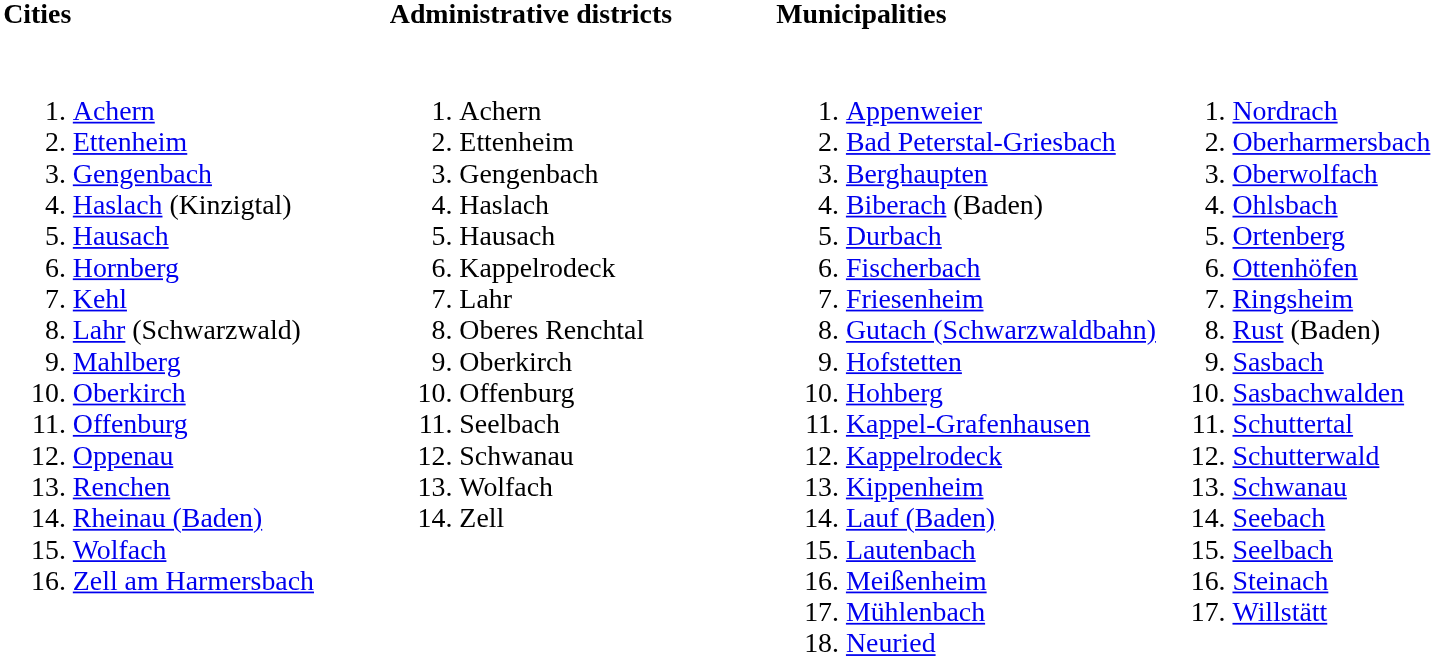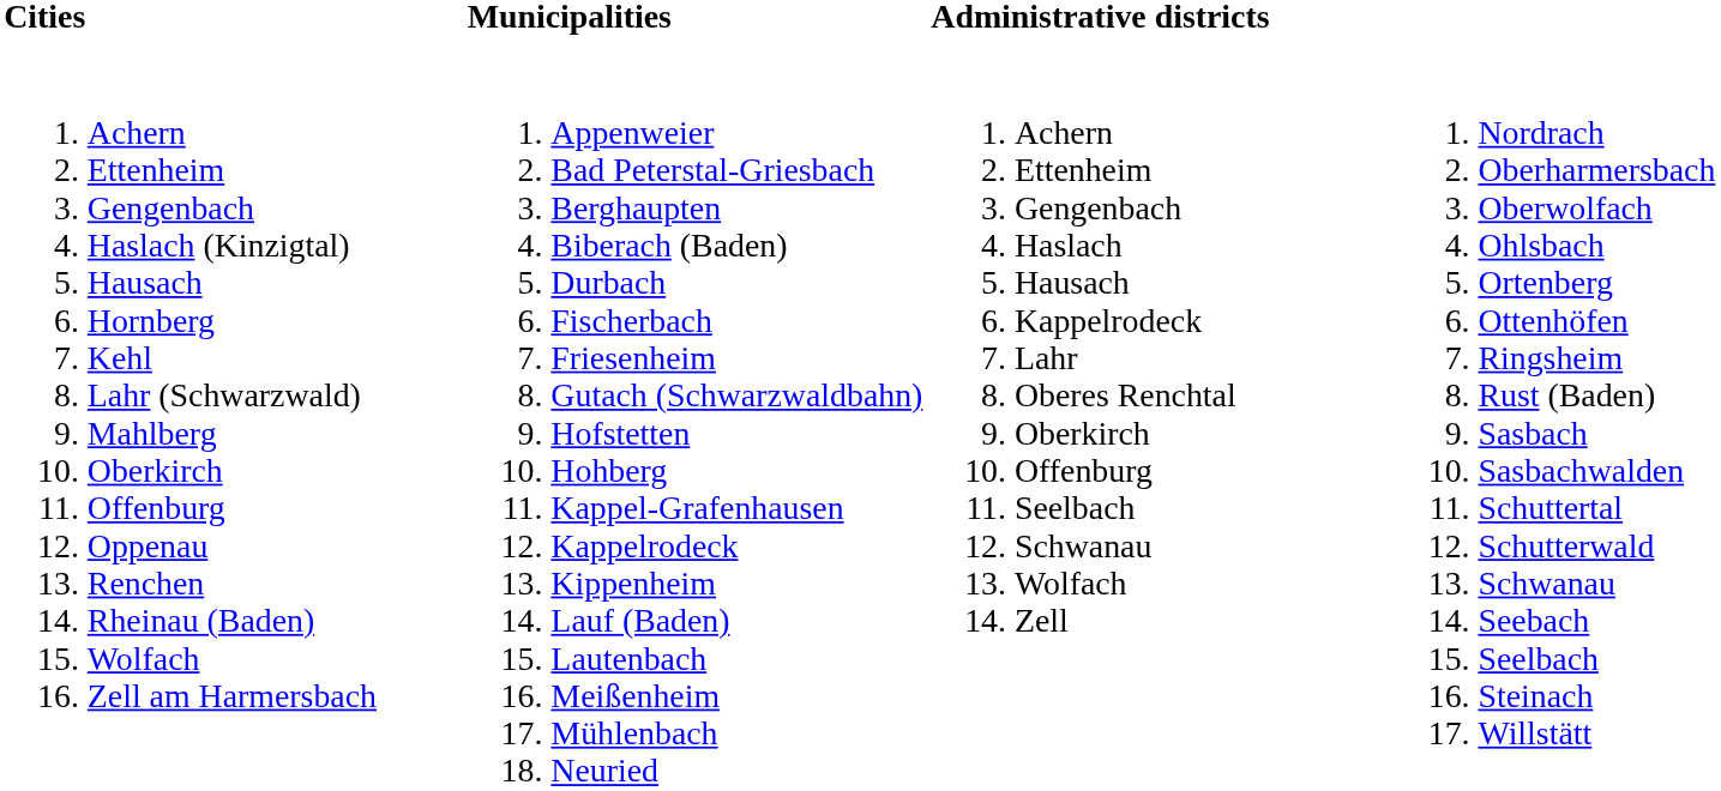 <table>
 <tr>
 <th width=25% align=left>Cities</th>
+<th width=25% align=left>Municipalities</th>
 <th width=25% align=left>Administrative districts</th>
-<th width=25% align=left>Municipalities</th>
 <th width=25% align=left></th>
 </tr>
 <tr valign=top>
 <td><br><ol><li><a href='#'>Achern</a></li><li><a href='#'>Ettenheim</a></li><li><a href='#'>Gengenbach</a></li><li><a href='#'>Haslach</a> (Kinzigtal)</li><li><a href='#'>Hausach</a></li><li><a href='#'>Hornberg</a></li><li><a href='#'>Kehl</a></li><li><a href='#'>Lahr</a> (Schwarzwald)</li><li><a href='#'>Mahlberg</a></li><li><a href='#'>Oberkirch</a></li><li><a href='#'>Offenburg</a></li><li><a href='#'>Oppenau</a></li><li><a href='#'>Renchen</a></li><li><a href='#'>Rheinau (Baden)</a></li><li><a href='#'>Wolfach</a></li><li><a href='#'>Zell am Harmersbach</a></li></ol></td>
+<td><br><ol><li><a href='#'>Appenweier</a></li><li><a href='#'>Bad Peterstal-Griesbach</a></li><li><a href='#'>Berghaupten</a></li><li><a href='#'>Biberach</a> (Baden)</li><li><a href='#'>Durbach</a></li><li><a href='#'>Fischerbach</a></li><li><a href='#'>Friesenheim</a></li><li><a href='#'>Gutach (Schwarzwaldbahn)</a></li><li><a href='#'>Hofstetten</a></li><li><a href='#'>Hohberg</a></li><li><a href='#'>Kappel-Grafenhausen</a></li><li><a href='#'>Kappelrodeck</a></li><li><a href='#'>Kippenheim</a></li><li><a href='#'>Lauf (Baden)</a></li><li><a href='#'>Lautenbach</a></li><li><a href='#'>Meißenheim</a></li><li><a href='#'>Mühlenbach</a></li><li><a href='#'>Neuried</a></li></ol></td>
 <td><br><ol><li>Achern</li><li>Ettenheim</li><li>Gengenbach</li><li>Haslach</li><li>Hausach</li><li>Kappelrodeck</li><li>Lahr</li><li>Oberes Renchtal</li><li>Oberkirch</li><li>Offenburg</li><li>Seelbach</li><li>Schwanau</li><li>Wolfach</li><li>Zell</li></ol></td>
-<td><br><ol><li><a href='#'>Appenweier</a></li><li><a href='#'>Bad Peterstal-Griesbach</a></li><li><a href='#'>Berghaupten</a></li><li><a href='#'>Biberach</a> (Baden)</li><li><a href='#'>Durbach</a></li><li><a href='#'>Fischerbach</a></li><li><a href='#'>Friesenheim</a></li><li><a href='#'>Gutach (Schwarzwaldbahn)</a></li><li><a href='#'>Hofstetten</a></li><li><a href='#'>Hohberg</a></li><li><a href='#'>Kappel-Grafenhausen</a></li><li><a href='#'>Kappelrodeck</a></li><li><a href='#'>Kippenheim</a></li><li><a href='#'>Lauf (Baden)</a></li><li><a href='#'>Lautenbach</a></li><li><a href='#'>Meißenheim</a></li><li><a href='#'>Mühlenbach</a></li><li><a href='#'>Neuried</a></li></ol></td>
 <td><br><ol> <li><a href='#'>Nordrach</a> <li><a href='#'>Oberharmersbach</a> <li><a href='#'>Oberwolfach</a> <li><a href='#'>Ohlsbach</a> <li><a href='#'>Ortenberg</a> <li><a href='#'>Ottenhöfen</a> <li><a href='#'>Ringsheim</a> <li><a href='#'>Rust</a> (Baden) <li><a href='#'>Sasbach</a> <li><a href='#'>Sasbachwalden</a> <li><a href='#'>Schuttertal</a> <li><a href='#'>Schutterwald</a> <li><a href='#'>Schwanau</a> <li><a href='#'>Seebach</a> <li><a href='#'>Seelbach</a> <li><a href='#'>Steinach</a> <li><a href='#'>Willstätt</a> </ol></td>
 </tr>
 </table>
